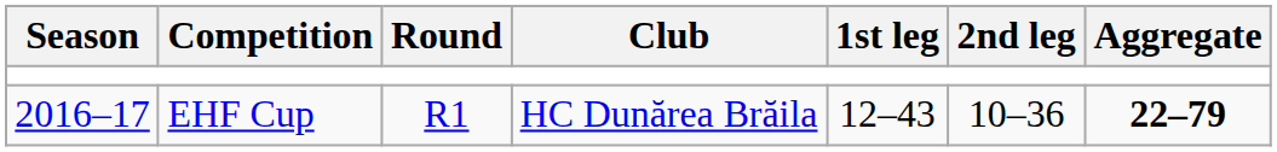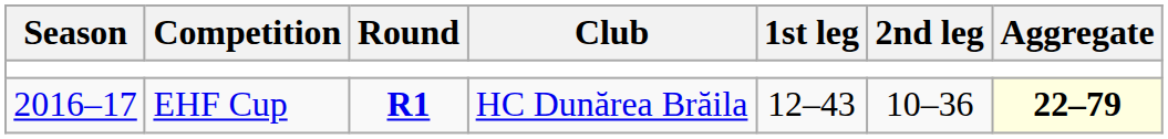 <table class="wikitable">
 <tr>
 <th>Season</th>
 <th>Competition</th>
 <th>Round</th>
 <th>Club</th>
 <th>1st leg</th>
 <th>2nd leg</th>
 <th>Aggregate</th>
 </tr>
 <tr>
 <td colspan="7" bgcolor=white></td>
 </tr>
 <tr>
 <td><a href='#'>2016–17</a></td>
 <td><a href='#'>EHF Cup</a></td>
-<td style="text-align:center;"><a href='#'>R1</a></td>
+<td style="text-align:center;"><strong><a href='#'>R1</a></strong></td>
 <td> <a href='#'>HC Dunărea Brăila</a></td>
 <td style="text-align:center;">12–43</td>
 <td style="text-align:center;">10–36</td>
-<td style="text-align:center;"><strong>22–79</strong></td>
+<td style="background: lightyellow; text-align:center;"><strong>22–79</strong></td>
 </tr>
 </table>
